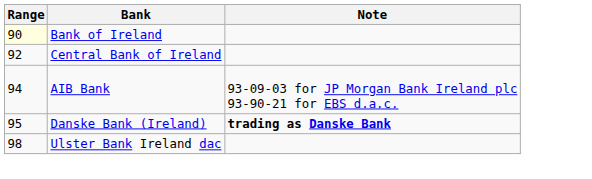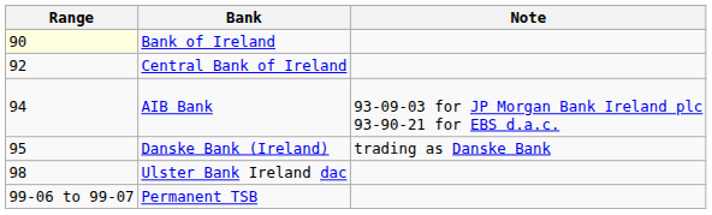 <table class="wikitable">
 <tr>
 <th>Range</th>
 <th>Bank</th>
 <th>Note</th>
 </tr>
 <tr>
 <td style="background: lightyellow;"><code>90</code></td>
 <td><a href='#'>Bank of Ireland</a></td>
 <td></td>
 </tr>
 <tr>
 <td><code>92</code></td>
 <td><a href='#'>Central Bank of Ireland</a></td>
 <td></td>
 </tr>
 <tr>
 <td><code>94</code></td>
 <td><a href='#'>AIB Bank</a></td>
 <td><br><code>93-09-03</code> for <a href='#'>JP Morgan Bank Ireland plc</a><br> <code>93-90-21</code> for <a href='#'>EBS d.a.c.</a></td>
 </tr>
 <tr>
 <td><code>95</code></td>
 <td><a href='#'>Danske Bank (Ireland)</a></td>
-<td><strong>trading as <a href='#'>Danske Bank</a></strong></td>
+<td>trading as <a href='#'>Danske Bank</a></td>
 </tr>
 <tr>
 <td><code>98</code> </td>
 <td><a href='#'>Ulster Bank</a> Ireland <a href='#'>dac</a></td>
 <td></td>
 </tr>
+<tr>
+<td><code>99-06</code> to <code>99-07</code></td>
+<td><a href='#'>Permanent TSB</a><br></td>
+<td></td>
+</tr>
 </table>
